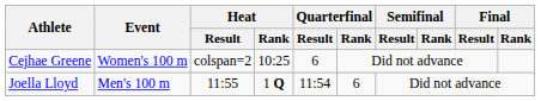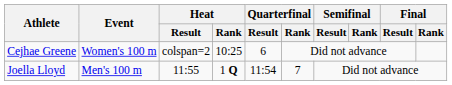 <table class="wikitable" style="font-size:90%">
 <tr>
 <th rowspan="2">Athlete</th>
 <th rowspan="2">Event</th>
 <th colspan="2">Heat</th>
 <th colspan="2">Quarterfinal</th>
 <th colspan="2">Semifinal</th>
 <th colspan="2">Final</th>
 </tr>
 <tr style="font-size:95%">
 <th>Result</th>
 <th>Rank</th>
 <th>Result</th>
 <th>Rank</th>
 <th>Result</th>
 <th>Rank</th>
 <th>Result</th>
 <th>Rank</th>
 </tr>
 <tr align=center>
 <td align=left><a href='#'>Cejhae Greene</a></td>
 <td align=left><a href='#'>Women's 100 m</a></td>
 <td>colspan=2 </td>
 <td>10:25</td>
 <td>6</td>
 <td colspan=4>Did not advance</td>
 </tr>
 <tr align=center>
 <td align=left><a href='#'>Joella Lloyd</a></td>
 <td align=left><a href='#'>Men's 100 m</a></td>
 <td>11:55</td>
 <td>1 <strong>Q</strong></td>
 <td>11:54</td>
-<td>6</td>
+<td>7</td>
 <td colspan=4>Did not advance</td>
 </tr>
 </table>
